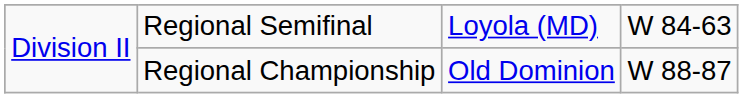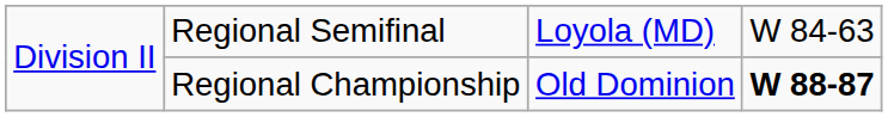 <table class="wikitable">
 <tr>
 <td rowspan="2"><a href='#'>Division II</a></td>
 <td>Regional Semifinal</td>
 <td><a href='#'>Loyola (MD)</a></td>
 <td>W 84-63</td>
 </tr>
 <tr>
 <td>Regional Championship</td>
 <td><a href='#'>Old Dominion</a></td>
-<td>W 88-87</td>
+<td><strong>W 88-87</strong></td>
 </tr>
 </table>
